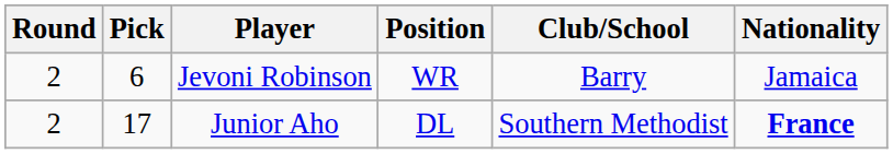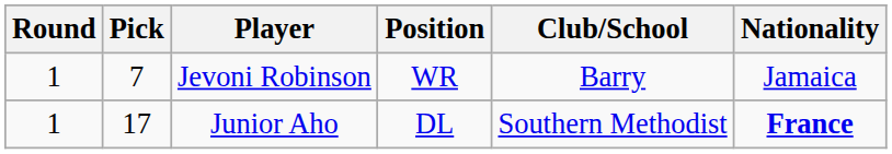 <table class="wikitable" style="font-size: 95%;">
 <tr>
 <th scope="col">Round</th>
 <th scope="col">Pick</th>
 <th scope="col">Player</th>
 <th scope="col">Position</th>
 <th scope="col">Club/School</th>
 <th scope="col">Nationality</th>
 </tr>
 <tr align="center">
-<td align=center>2</td>
-<td>6</td>
+<td align=center>1</td>
+<td>7</td>
 <td><a href='#'>Jevoni Robinson</a></td>
 <td><a href='#'>WR</a></td>
 <td><a href='#'>Barry</a></td>
 <td> <a href='#'>Jamaica</a></td>
 </tr>
 <tr align="center">
-<td align=center>2</td>
+<td align=center>1</td>
 <td>17</td>
 <td><a href='#'>Junior Aho</a></td>
 <td><a href='#'>DL</a></td>
 <td><a href='#'>Southern Methodist</a></td>
 <td><strong> <a href='#'>France</a></strong></td>
 </tr>
 </table>
